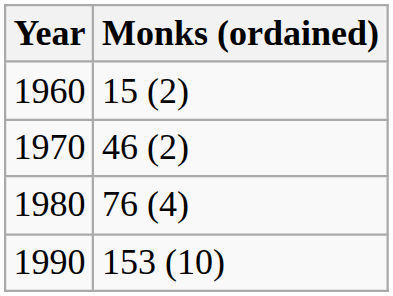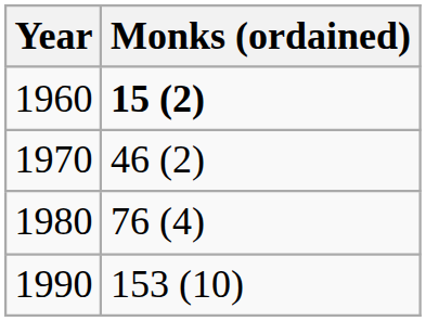 <table class="wikitable">
 <tr>
 <th>Year</th>
 <th>Monks (ordained)</th>
 </tr>
 <tr>
 <td>1960</td>
-<td>15 (2)</td>
+<td><strong>15 (2)</strong></td>
 </tr>
 <tr>
 <td>1970</td>
 <td>46 (2)</td>
 </tr>
 <tr>
 <td>1980</td>
 <td>76 (4)</td>
 </tr>
 <tr>
 <td>1990</td>
 <td>153 (10)</td>
 </tr>
 </table>
